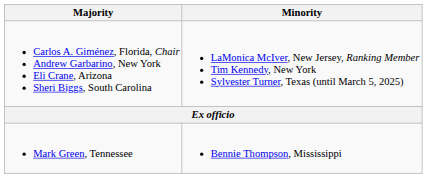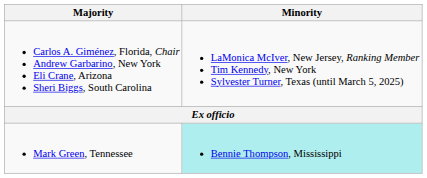 <table class=wikitable>
 <tr>
 <th>Majority</th>
 <th>Minority</th>
 </tr>
 <tr>
 <td><br><ul><li><a href='#'>Carlos A. Giménez</a>, Florida, <em>Chair</em></li><li><a href='#'>Andrew Garbarino</a>, New York</li><li><a href='#'>Eli Crane</a>, Arizona</li><li><a href='#'>Sheri Biggs</a>, South Carolina</li></ul></td>
 <td><br><ul><li><a href='#'>LaMonica McIver</a>, New Jersey, <em>Ranking Member</em></li><li><a href='#'>Tim Kennedy</a>, New York</li><li><a href='#'>Sylvester Turner</a>, Texas (until March 5, 2025)</li></ul></td>
 </tr>
 <tr>
 <th colspan=2><em>Ex officio</em></th>
 </tr>
 <tr>
 <td><br><ul><li><a href='#'>Mark Green</a>, Tennessee</li></ul></td>
-<td><br><ul><li><a href='#'>Bennie Thompson</a>, Mississippi</li></ul></td>
+<td style="background: paleturquoise;"><br><ul><li><a href='#'>Bennie Thompson</a>, Mississippi</li></ul></td>
 </tr>
 </table>
